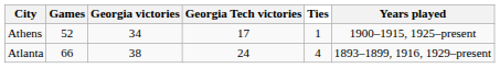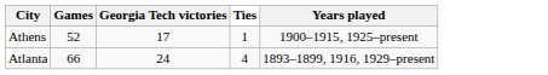 <table class="wikitable sortable">
 <tr>
 <th>City</th>
 <th>Games</th>
-<th>Georgia victories</th>
 <th>Georgia Tech victories</th>
 <th style="text-align:center; background:white; color:black;">Ties</th>
 <th>Years played</th>
 </tr>
 <tr>
 <td>Athens</td>
 <td style="text-align:center;">52</td>
-<td style="text-align:center;">34</td>
 <td style="text-align:center;">17</td>
 <td style="text-align:center;">1</td>
 <td style="text-align:center;">1900–1915, 1925–present</td>
 </tr>
 <tr>
 <td>Atlanta</td>
 <td style="text-align:center;">66</td>
-<td style="text-align:center;">38</td>
 <td style="text-align:center;">24</td>
 <td style="text-align:center;">4</td>
 <td style="text-align:center;">1893–1899, 1916, 1929–present</td>
 </tr>
 </table>
